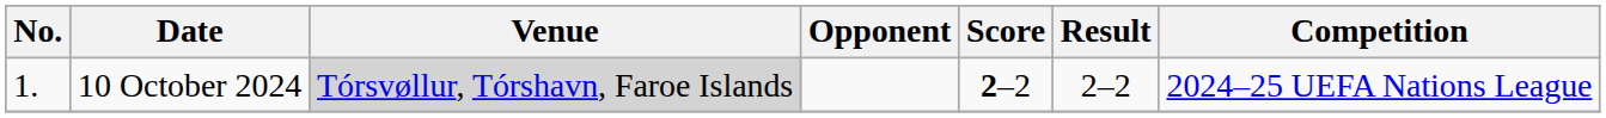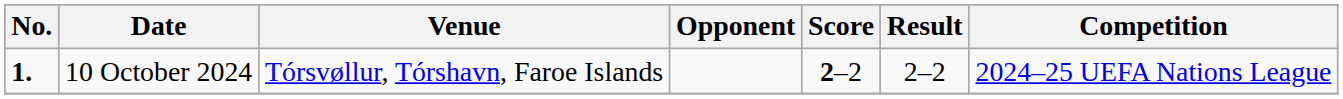 <table class="wikitable">
 <tr>
 <th>No.</th>
 <th>Date</th>
 <th>Venue</th>
 <th>Opponent</th>
 <th>Score</th>
 <th>Result</th>
 <th>Competition</th>
 </tr>
 <tr>
-<td>1.</td>
+<td><strong>1.</strong></td>
 <td>10 October 2024</td>
-<td style="background: lightgrey;"><a href='#'>Tórsvøllur</a>, <a href='#'>Tórshavn</a>, Faroe Islands</td>
+<td><a href='#'>Tórsvøllur</a>, <a href='#'>Tórshavn</a>, Faroe Islands</td>
 <td></td>
 <td align=center><strong>2</strong>–2</td>
 <td align=center>2–2</td>
 <td><a href='#'>2024–25 UEFA Nations League</a></td>
 </tr>
 <tr>
 </tr>
 </table>
